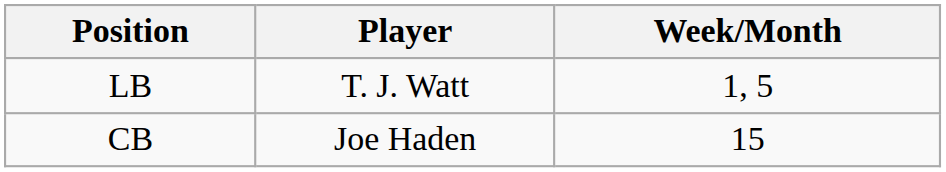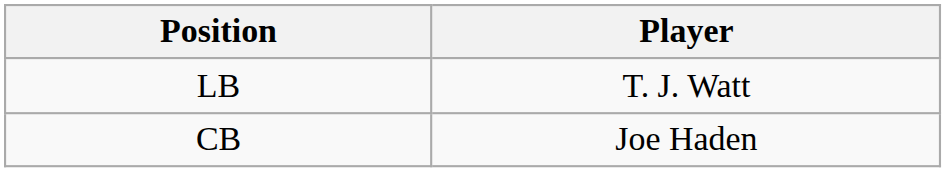 <table class="wikitable" style="width: 35%; text-align:center">
 <tr>
 <th>Position</th>
 <th>Player</th>
-<th>Week/Month</th>
 </tr>
 <tr>
 <td>LB</td>
 <td>T. J. Watt</td>
-<td>1, 5</td>
 </tr>
 <tr>
 <td>CB</td>
 <td>Joe Haden</td>
-<td>15</td>
 </tr>
 </table>
